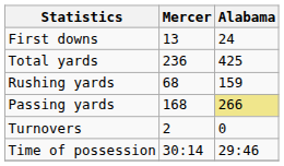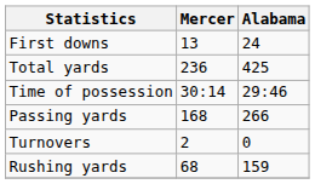 <table class="wikitable" style="float: left;">
 <tr>
 <th>Statistics</th>
 <th>Mercer</th>
 <th>Alabama</th>
 </tr>
 <tr>
 <td>First downs</td>
 <td>13</td>
 <td>24</td>
 </tr>
 <tr>
 <td>Total yards</td>
 <td>236</td>
 <td>425</td>
 </tr>
 <tr>
-<td>Rushing yards</td>
-<td>68</td>
-<td>159</td>
+<td>Time of possession</td>
+<td>30:14</td>
+<td>29:46</td>
 </tr>
 <tr>
 <td>Passing yards</td>
 <td>168</td>
-<td style="background: khaki;">266</td>
+<td>266</td>
 </tr>
 <tr>
 <td>Turnovers</td>
 <td>2</td>
 <td>0</td>
 </tr>
 <tr>
-<td>Time of possession</td>
-<td>30:14</td>
-<td>29:46</td>
+<td>Rushing yards</td>
+<td>68</td>
+<td>159</td>
 </tr>
 <tr>
 </tr>
 </table>
